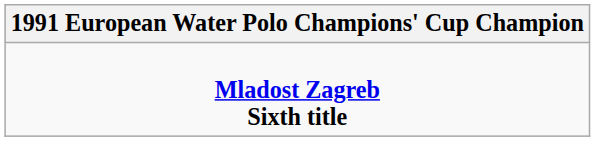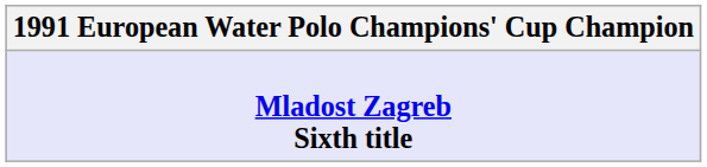 <table class=wikitable style="text-align:center; margin:auto">
 <tr>
 <th>1991 European Water Polo Champions' Cup Champion</th>
 </tr>
 <tr>
-<td> <br>  <strong><a href='#'>Mladost Zagreb</a></strong> <br> <strong>Sixth title</strong></td>
+<td style="background: lavender;"> <br>  <strong><a href='#'>Mladost Zagreb</a></strong> <br> <strong>Sixth title</strong></td>
 </tr>
 </table>
